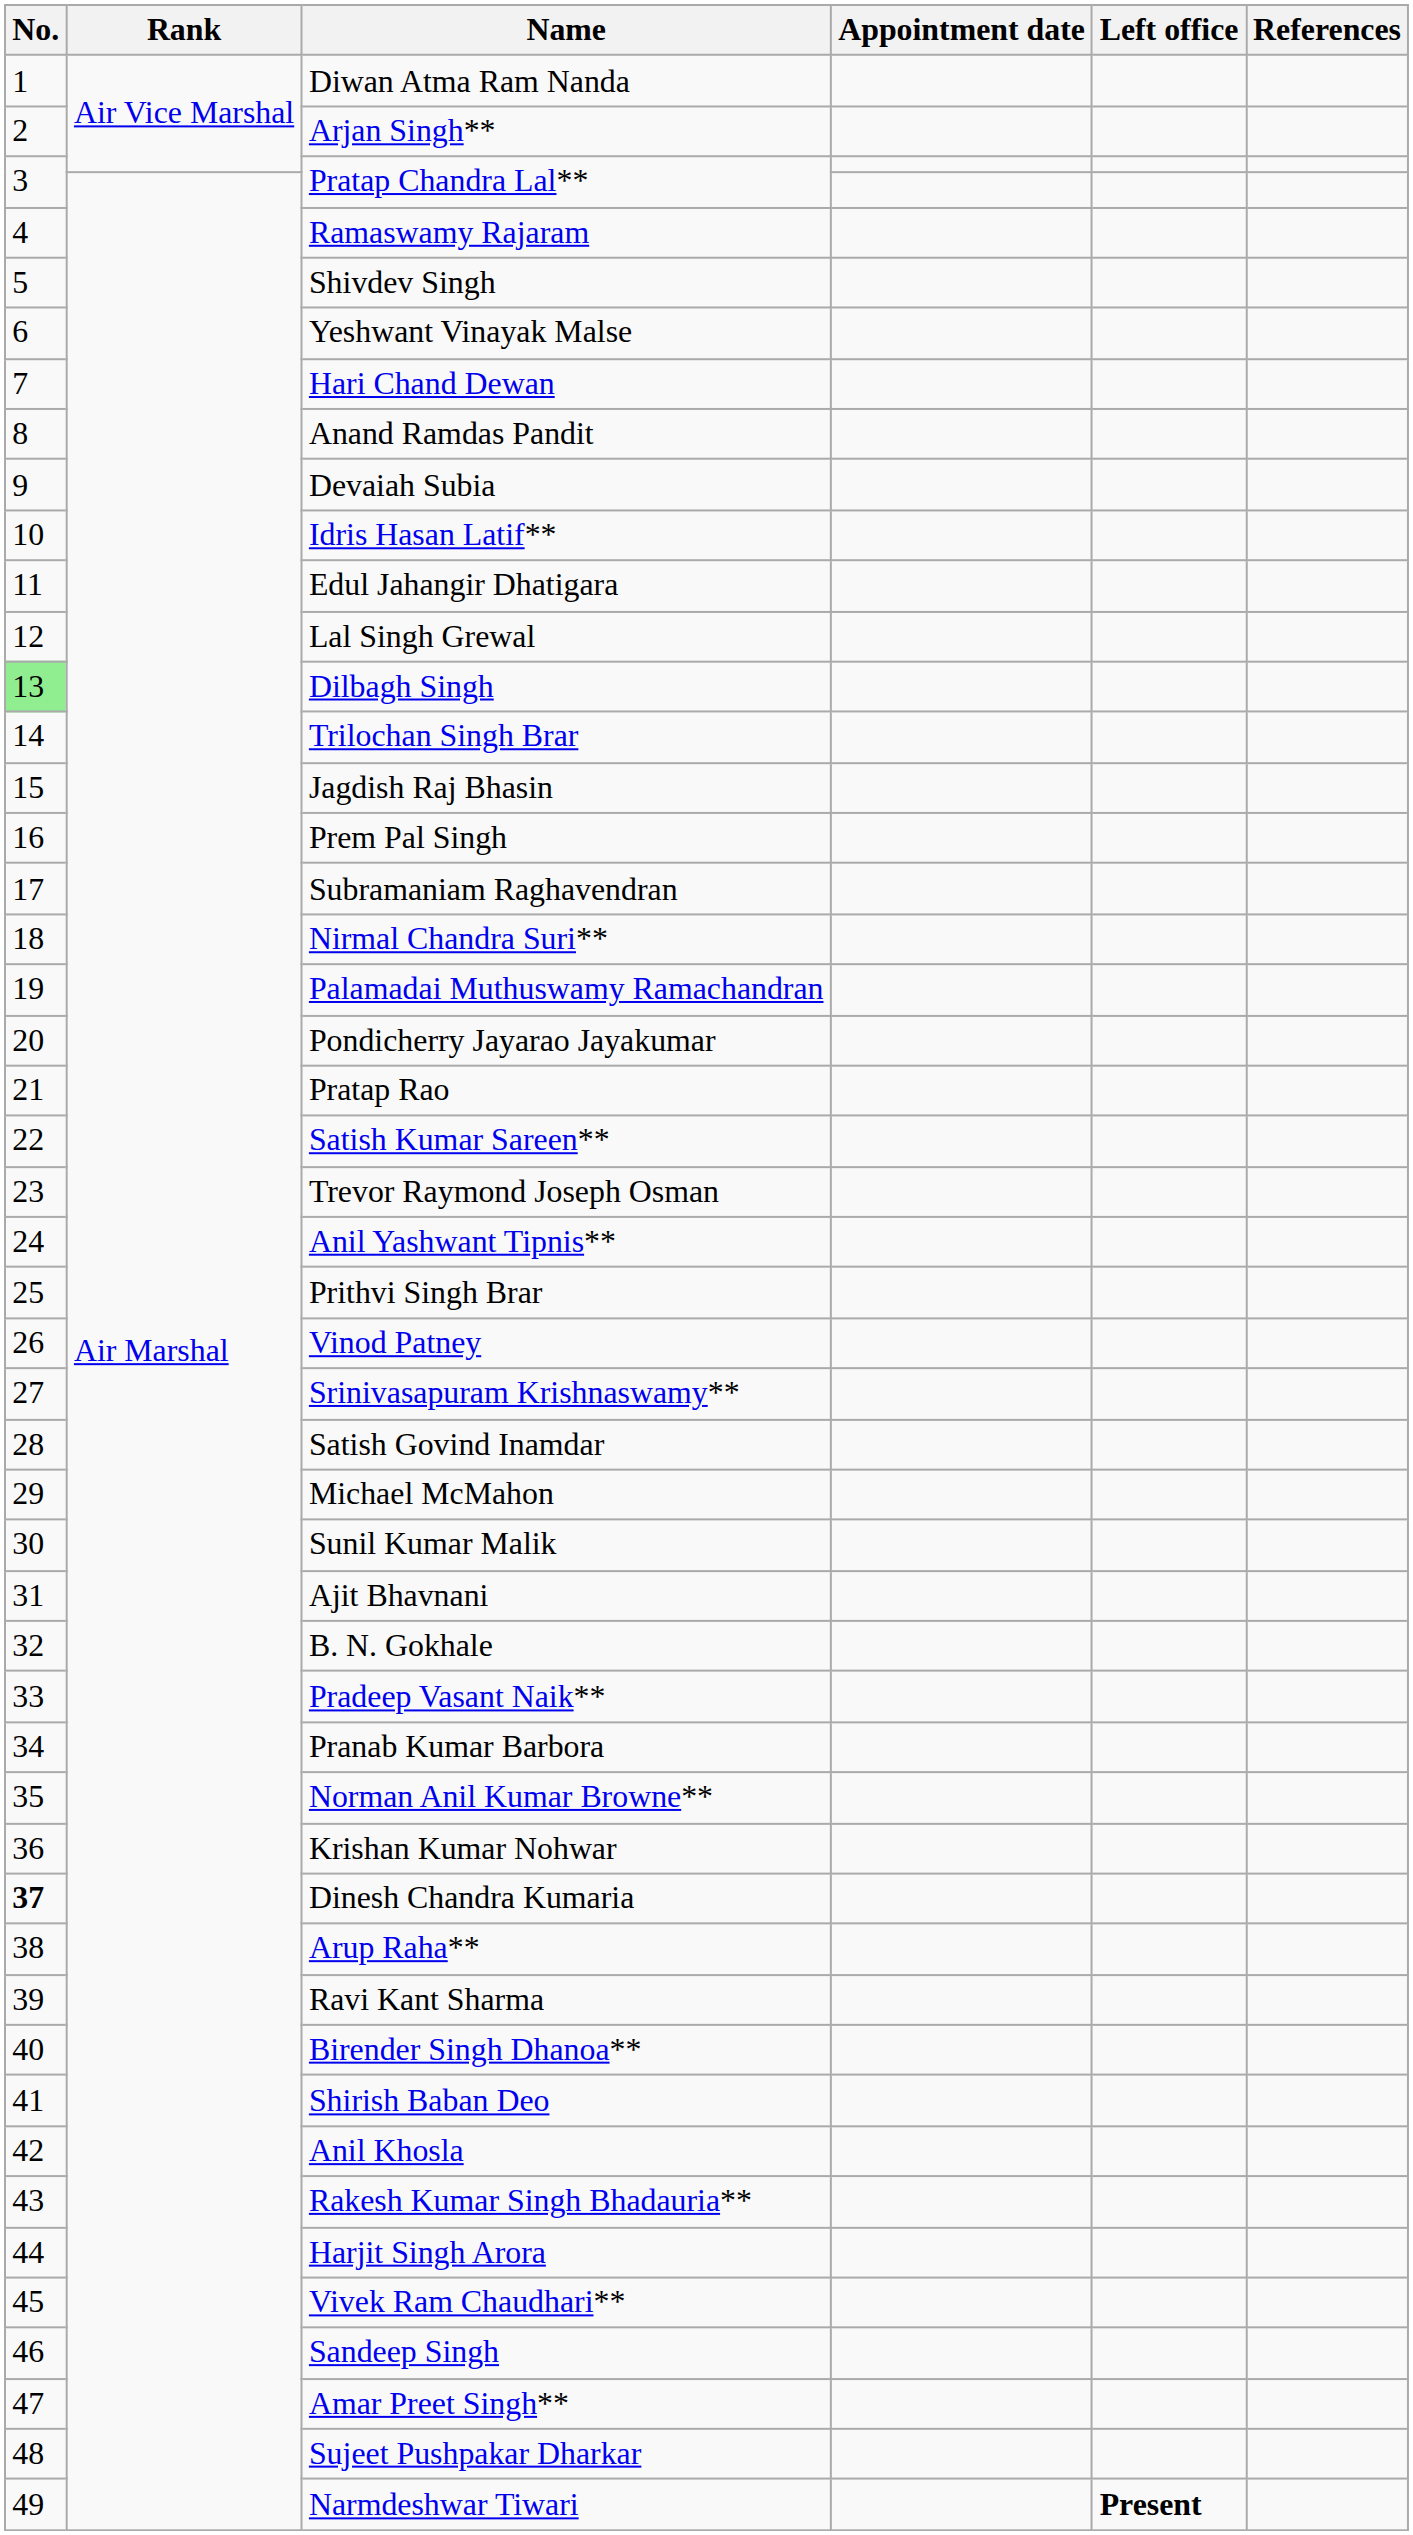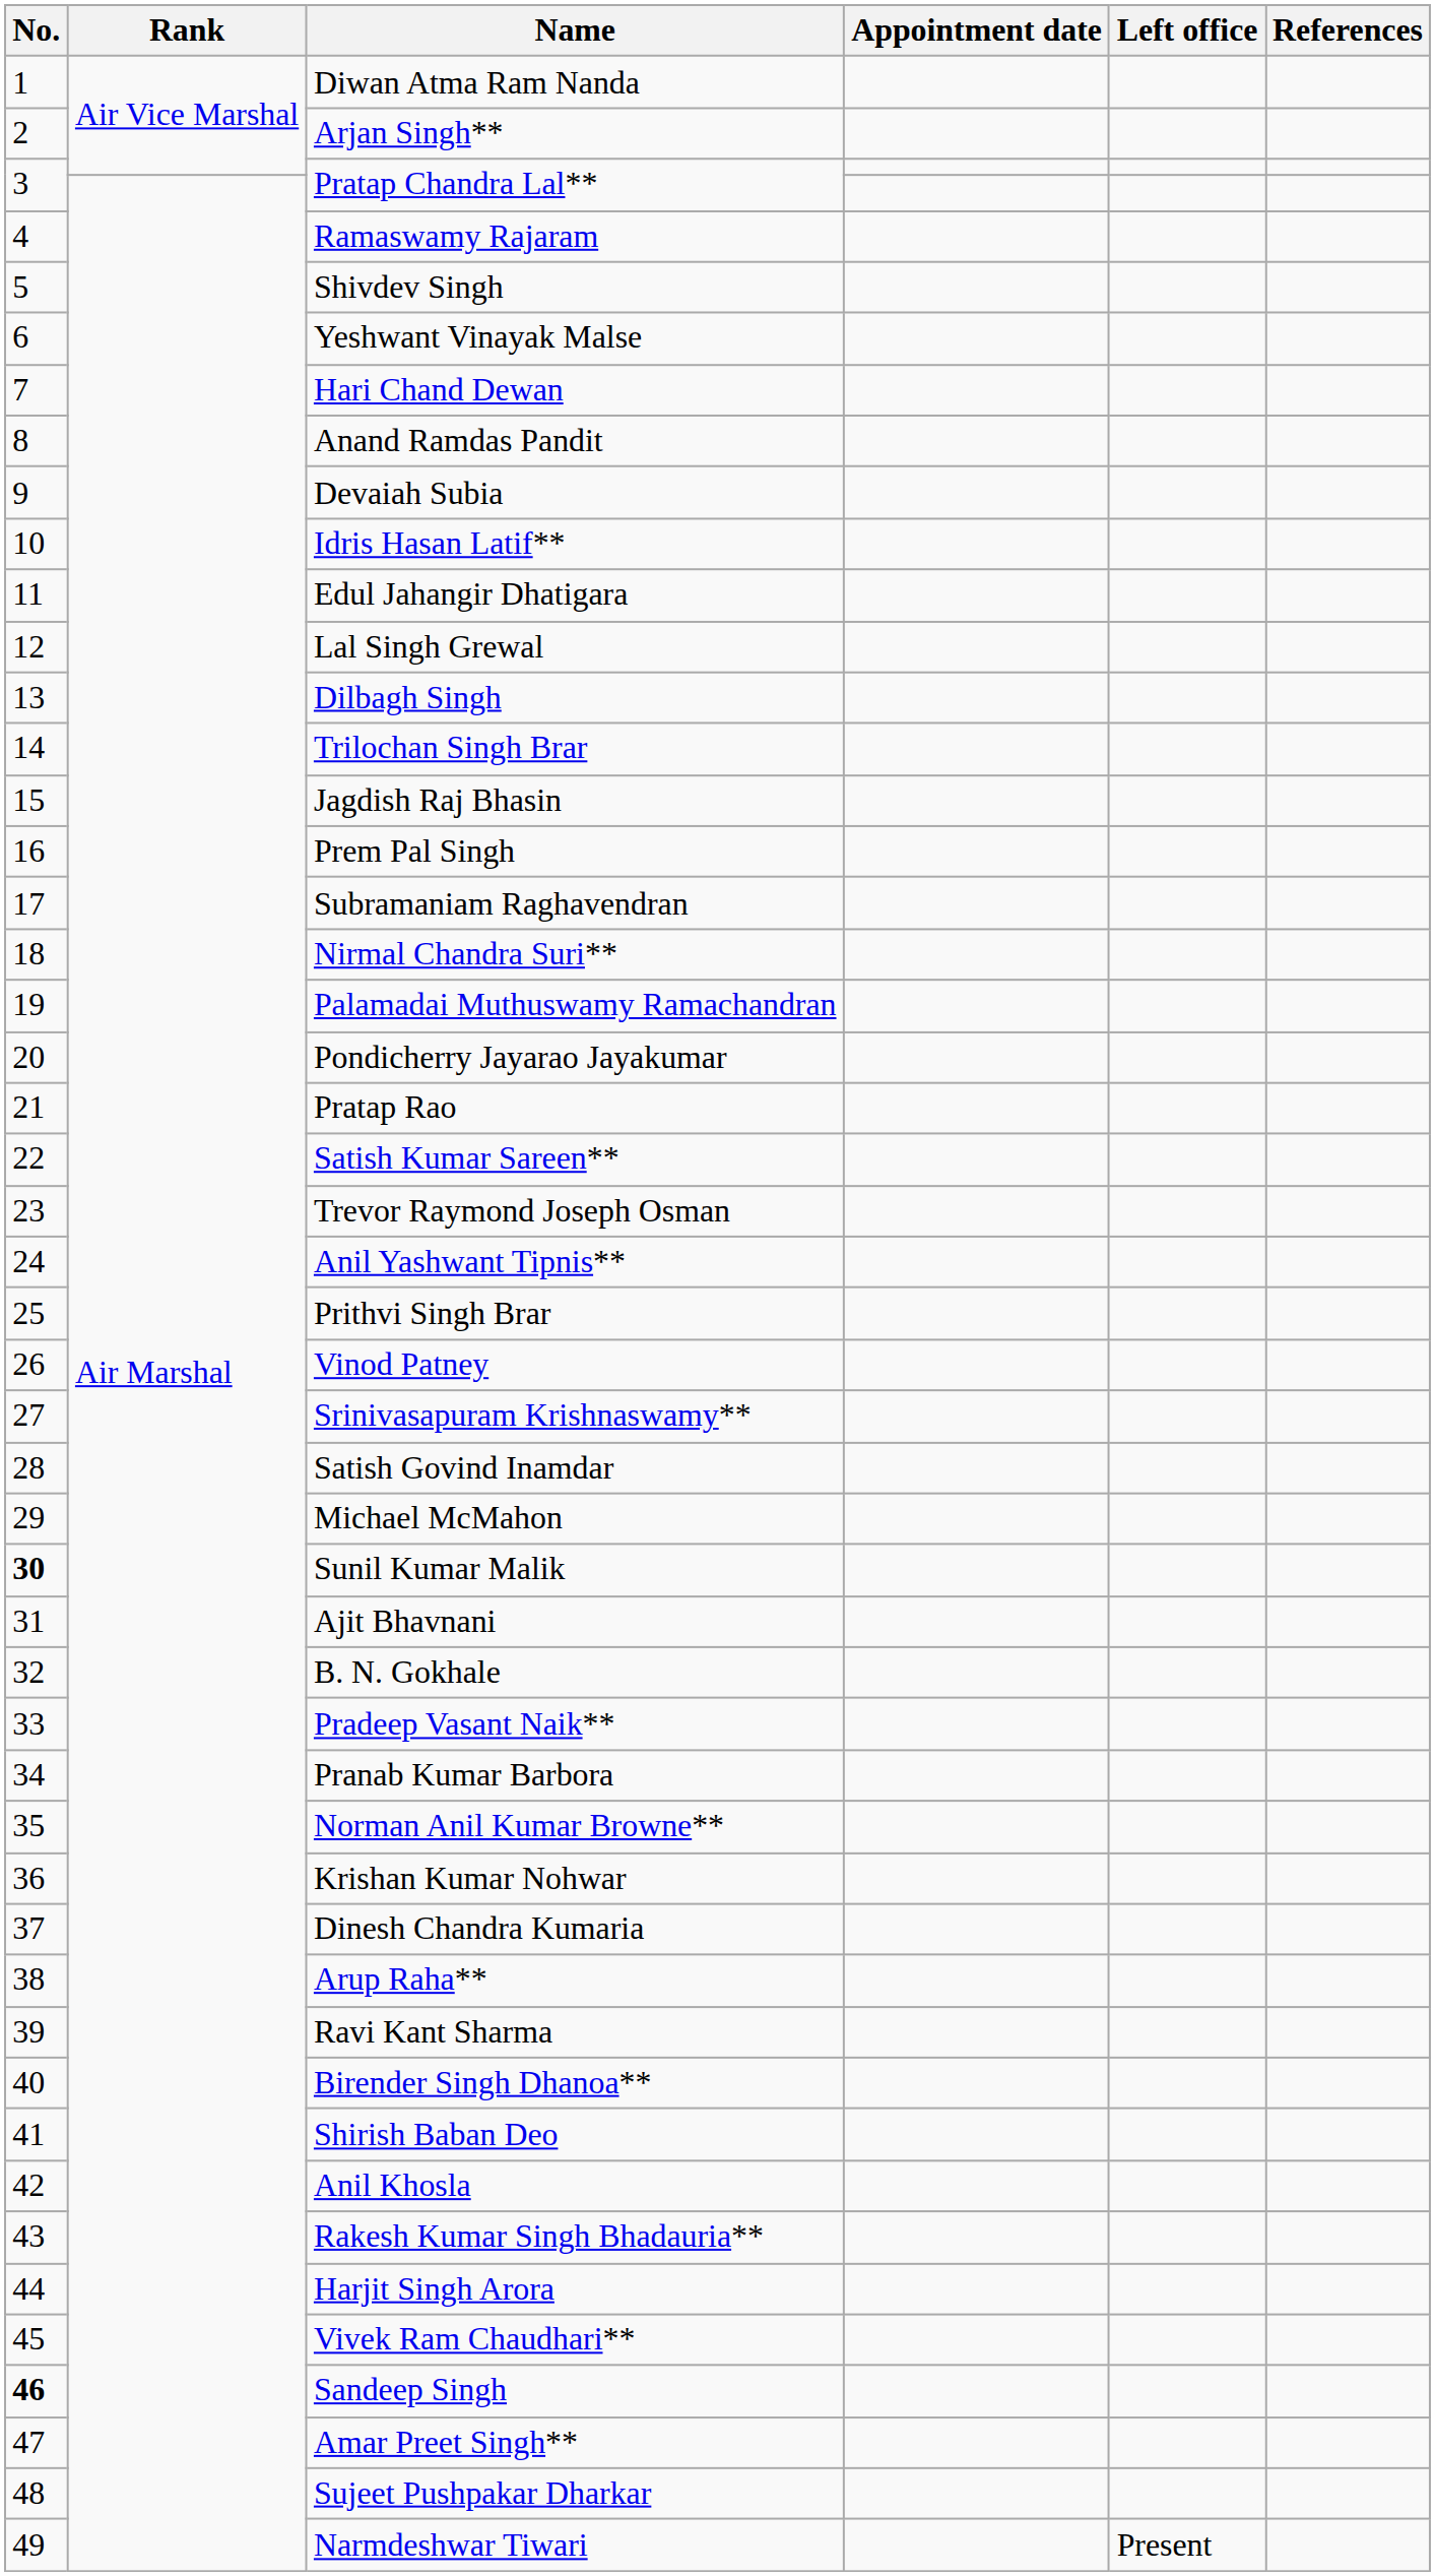 <table class="wikitable sortable">
 <tr>
 <th>No.</th>
 <th>Rank</th>
 <th>Name</th>
 <th>Appointment date</th>
 <th>Left office</th>
 <th>References</th>
 </tr>
 <tr>
 <td>1</td>
 <td rowspan="3"><a href='#'>Air Vice Marshal</a></td>
 <td>Diwan Atma Ram Nanda</td>
 <td></td>
 <td></td>
 <td></td>
 </tr>
 <tr>
 <td>2</td>
 <td><a href='#'>Arjan Singh</a>**</td>
 <td></td>
 <td></td>
 <td></td>
 </tr>
 <tr>
 <td rowspan="2">3</td>
 <td rowspan="2"><a href='#'>Pratap Chandra Lal</a>**</td>
 <td></td>
 <td></td>
 <td></td>
 </tr>
 <tr>
 <td rowspan="47"><a href='#'>Air Marshal</a></td>
 <td></td>
 <td></td>
 <td></td>
 </tr>
 <tr>
 <td>4</td>
 <td><a href='#'>Ramaswamy Rajaram</a></td>
 <td></td>
 <td></td>
 <td></td>
 </tr>
 <tr>
 <td>5</td>
 <td>Shivdev Singh</td>
 <td></td>
 <td></td>
 <td></td>
 </tr>
 <tr>
 <td>6</td>
 <td>Yeshwant Vinayak Malse</td>
 <td></td>
 <td></td>
 <td></td>
 </tr>
 <tr>
 <td>7</td>
 <td><a href='#'>Hari Chand Dewan</a></td>
 <td></td>
 <td></td>
 <td></td>
 </tr>
 <tr>
 <td>8</td>
 <td>Anand Ramdas Pandit</td>
 <td></td>
 <td></td>
 <td></td>
 </tr>
 <tr>
 <td>9</td>
 <td>Devaiah Subia</td>
 <td></td>
 <td></td>
 <td></td>
 </tr>
 <tr>
 <td>10</td>
 <td><a href='#'>Idris Hasan Latif</a>**</td>
 <td></td>
 <td></td>
 <td></td>
 </tr>
 <tr>
 <td>11</td>
 <td>Edul Jahangir Dhatigara</td>
 <td></td>
 <td></td>
 <td></td>
 </tr>
 <tr>
 <td>12</td>
 <td>Lal Singh Grewal</td>
 <td></td>
 <td></td>
 <td></td>
 </tr>
 <tr>
-<td style="background: lightgreen;">13</td>
+<td>13</td>
 <td><a href='#'>Dilbagh Singh</a></td>
 <td></td>
 <td></td>
 <td></td>
 </tr>
 <tr>
 <td>14</td>
 <td><a href='#'>Trilochan Singh Brar</a></td>
 <td></td>
 <td></td>
 <td></td>
 </tr>
 <tr>
 <td>15</td>
 <td>Jagdish Raj Bhasin</td>
 <td></td>
 <td></td>
 <td></td>
 </tr>
 <tr>
 <td>16</td>
 <td>Prem Pal Singh</td>
 <td></td>
 <td></td>
 <td></td>
 </tr>
 <tr>
 <td>17</td>
 <td>Subramaniam Raghavendran</td>
 <td></td>
 <td></td>
 <td></td>
 </tr>
 <tr>
 <td>18</td>
 <td><a href='#'>Nirmal Chandra Suri</a>**</td>
 <td></td>
 <td></td>
 <td></td>
 </tr>
 <tr>
 <td>19</td>
 <td><a href='#'>Palamadai Muthuswamy Ramachandran</a></td>
 <td></td>
 <td></td>
 <td></td>
 </tr>
 <tr>
 <td>20</td>
 <td>Pondicherry Jayarao Jayakumar</td>
 <td></td>
 <td></td>
 <td></td>
 </tr>
 <tr>
 <td>21</td>
 <td>Pratap Rao</td>
 <td></td>
 <td></td>
 <td></td>
 </tr>
 <tr>
 <td>22</td>
 <td><a href='#'>Satish Kumar Sareen</a>**</td>
 <td></td>
 <td></td>
 <td></td>
 </tr>
 <tr>
 <td>23</td>
 <td>Trevor Raymond Joseph Osman</td>
 <td></td>
 <td></td>
 <td></td>
 </tr>
 <tr>
 <td>24</td>
 <td><a href='#'>Anil Yashwant Tipnis</a>**</td>
 <td></td>
 <td></td>
 <td></td>
 </tr>
 <tr>
 <td>25</td>
 <td>Prithvi Singh Brar</td>
 <td></td>
 <td></td>
 <td></td>
 </tr>
 <tr>
 <td>26</td>
 <td><a href='#'>Vinod Patney</a></td>
 <td></td>
 <td></td>
 <td></td>
 </tr>
 <tr>
 <td>27</td>
 <td><a href='#'>Srinivasapuram Krishnaswamy</a>**</td>
 <td></td>
 <td></td>
 <td></td>
 </tr>
 <tr>
 <td>28</td>
 <td>Satish Govind Inamdar</td>
 <td></td>
 <td></td>
 <td></td>
 </tr>
 <tr>
 <td>29</td>
 <td>Michael McMahon</td>
 <td></td>
 <td></td>
 <td></td>
 </tr>
 <tr>
-<td>30</td>
+<td><strong>30</strong></td>
 <td>Sunil Kumar Malik</td>
 <td></td>
 <td></td>
 <td></td>
 </tr>
 <tr>
 <td>31</td>
 <td>Ajit Bhavnani</td>
 <td></td>
 <td></td>
 <td></td>
 </tr>
 <tr>
 <td>32</td>
 <td>B. N. Gokhale</td>
 <td></td>
 <td></td>
 <td></td>
 </tr>
 <tr>
 <td>33</td>
 <td><a href='#'>Pradeep Vasant Naik</a>**</td>
 <td></td>
 <td></td>
 <td></td>
 </tr>
 <tr>
 <td>34</td>
 <td>Pranab Kumar Barbora</td>
 <td></td>
 <td></td>
 <td></td>
 </tr>
 <tr>
 <td>35</td>
 <td><a href='#'>Norman Anil Kumar Browne</a>**</td>
 <td></td>
 <td></td>
 <td></td>
 </tr>
 <tr>
 <td>36</td>
 <td>Krishan Kumar Nohwar</td>
 <td></td>
 <td></td>
 <td></td>
 </tr>
 <tr>
-<td><strong>37</strong></td>
+<td>37</td>
 <td>Dinesh Chandra Kumaria</td>
 <td></td>
 <td></td>
 <td></td>
 </tr>
 <tr>
 <td>38</td>
 <td><a href='#'>Arup Raha</a>**</td>
 <td></td>
 <td></td>
 <td></td>
 </tr>
 <tr>
 <td>39</td>
 <td>Ravi Kant Sharma</td>
 <td></td>
 <td></td>
 <td></td>
 </tr>
 <tr>
 <td>40</td>
 <td><a href='#'>Birender Singh Dhanoa</a>**</td>
 <td></td>
 <td></td>
 <td></td>
 </tr>
 <tr>
 <td>41</td>
 <td><a href='#'>Shirish Baban Deo</a></td>
 <td></td>
 <td></td>
 <td></td>
 </tr>
 <tr>
 <td>42</td>
 <td><a href='#'>Anil Khosla</a></td>
 <td></td>
 <td></td>
 <td></td>
 </tr>
 <tr>
 <td>43</td>
 <td><a href='#'>Rakesh Kumar Singh Bhadauria</a>**</td>
 <td></td>
 <td></td>
 <td></td>
 </tr>
 <tr>
 <td>44</td>
 <td><a href='#'>Harjit Singh Arora</a></td>
 <td></td>
 <td></td>
 <td></td>
 </tr>
 <tr>
 <td>45</td>
 <td><a href='#'>Vivek Ram Chaudhari</a>**</td>
 <td></td>
 <td></td>
 <td></td>
 </tr>
 <tr>
-<td>46</td>
+<td><strong>46</strong></td>
 <td><a href='#'>Sandeep Singh</a></td>
 <td></td>
 <td></td>
 <td></td>
 </tr>
 <tr>
 <td>47</td>
 <td><a href='#'>Amar Preet Singh</a>**</td>
 <td></td>
 <td></td>
 <td></td>
 </tr>
 <tr>
 <td>48</td>
 <td><a href='#'>Sujeet Pushpakar Dharkar</a></td>
 <td></td>
 <td></td>
 <td></td>
 </tr>
 <tr>
 <td>49</td>
 <td><a href='#'>Narmdeshwar Tiwari</a></td>
 <td></td>
-<td><strong>Present</strong></td>
+<td>Present</td>
 <td></td>
 </tr>
 </table>
